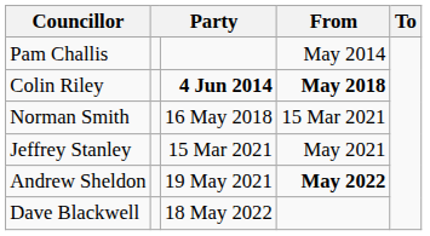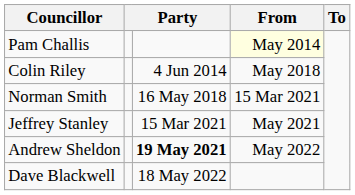 <table class=wikitable>
 <tr>
 <th>Councillor</th>
 <th colspan=2>Party</th>
 <th>From</th>
 <th>To</th>
 </tr>
 <tr>
 <td>Pam Challis</td>
 <td></td>
 <td></td>
-<td align=right>May 2014</td>
+<td align=right style="background: lightyellow;">May 2014</td>
 </tr>
 <tr>
 <td>Colin Riley</td>
 <td></td>
-<td align=right><strong>4 Jun 2014</strong></td>
-<td align=right><strong>May 2018</strong></td>
+<td align=right>4 Jun 2014</td>
+<td align=right>May 2018</td>
 </tr>
 <tr>
 <td>Norman Smith</td>
 <td></td>
 <td align=right>16 May 2018</td>
 <td align=right>15 Mar 2021</td>
 </tr>
 <tr>
 <td>Jeffrey Stanley</td>
 <td></td>
 <td align=right>15 Mar 2021</td>
 <td align=right>May 2021</td>
 </tr>
 <tr>
 <td>Andrew Sheldon</td>
 <td></td>
-<td align=right>19 May 2021</td>
-<td align=right><strong>May 2022</strong></td>
+<td align=right><strong>19 May 2021</strong></td>
+<td align=right>May 2022</td>
 </tr>
 <tr>
 <td>Dave Blackwell</td>
 <td></td>
 <td align=right>18 May 2022</td>
 <td></td>
 </tr>
 </table>
